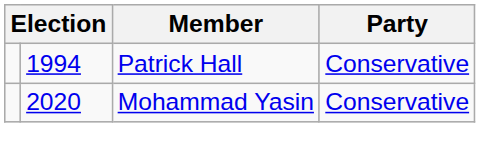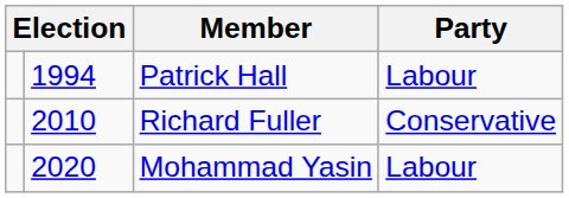 <table class="wikitable">
 <tr>
 <th colspan="2">Election</th>
 <th>Member</th>
 <th>Party</th>
 </tr>
 <tr>
 <td style="color:inherit;background-color: "></td>
 <td><a href='#'>1994</a></td>
 <td><a href='#'>Patrick Hall</a></td>
+<td><a href='#'>Labour</a></td>
+</tr>
+<tr>
+<td style="color:inherit;background-color: "></td>
+<td><a href='#'>2010</a></td>
+<td><a href='#'>Richard Fuller</a></td>
 <td><a href='#'>Conservative</a></td>
 </tr>
 <tr>
 <td style="color:inherit;background-color: "></td>
 <td><a href='#'>2020</a></td>
 <td><a href='#'>Mohammad Yasin</a></td>
-<td><a href='#'>Conservative</a></td>
+<td><a href='#'>Labour</a></td>
 </tr>
 </table>
